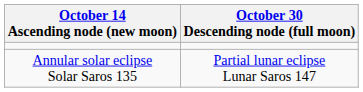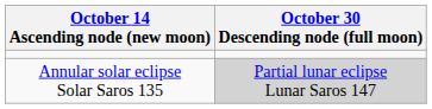 <table class="wikitable">
 <tr>
 <th><a href='#'>October 14</a><br>Ascending node (new moon)<br></th>
 <th><a href='#'>October 30</a><br>Descending node (full moon)<br></th>
 </tr>
 <tr>
 <td></td>
 <td></td>
 </tr>
 <tr align=center>
 <td><a href='#'>Annular solar eclipse</a><br>Solar Saros 135</td>
-<td><a href='#'>Partial lunar eclipse</a><br>Lunar Saros 147</td>
+<td style="background: lightgrey;"><a href='#'>Partial lunar eclipse</a><br>Lunar Saros 147</td>
 </tr>
 </table>
